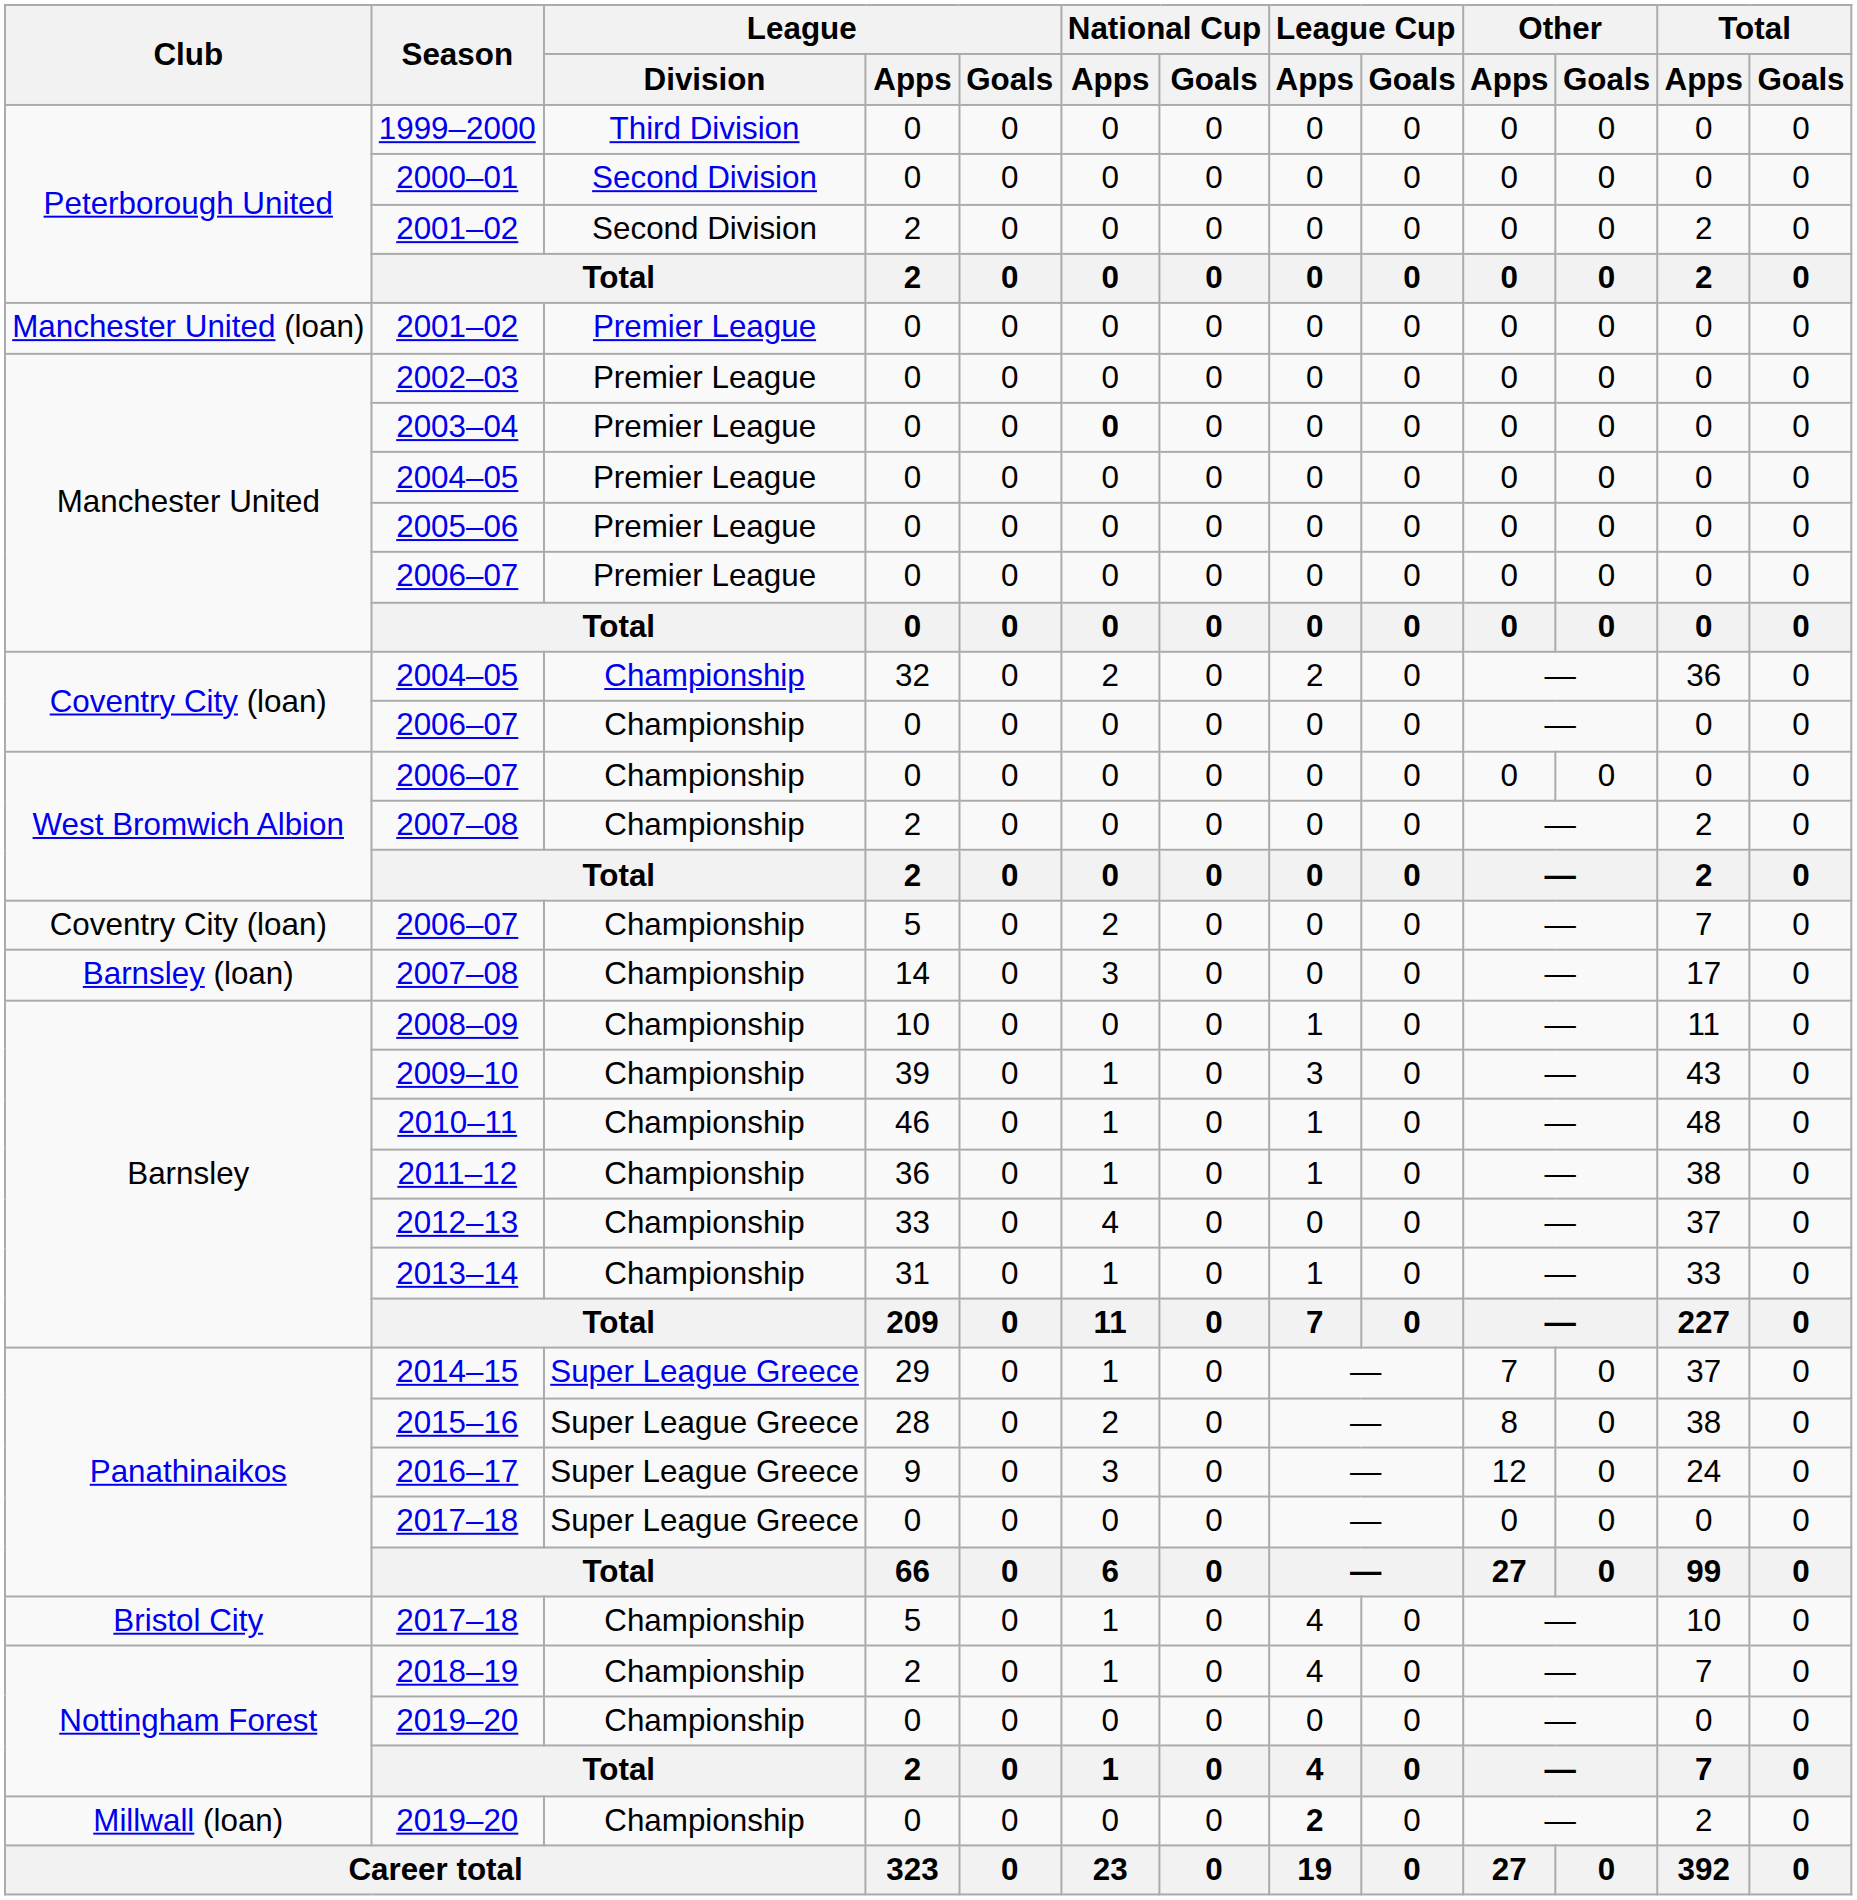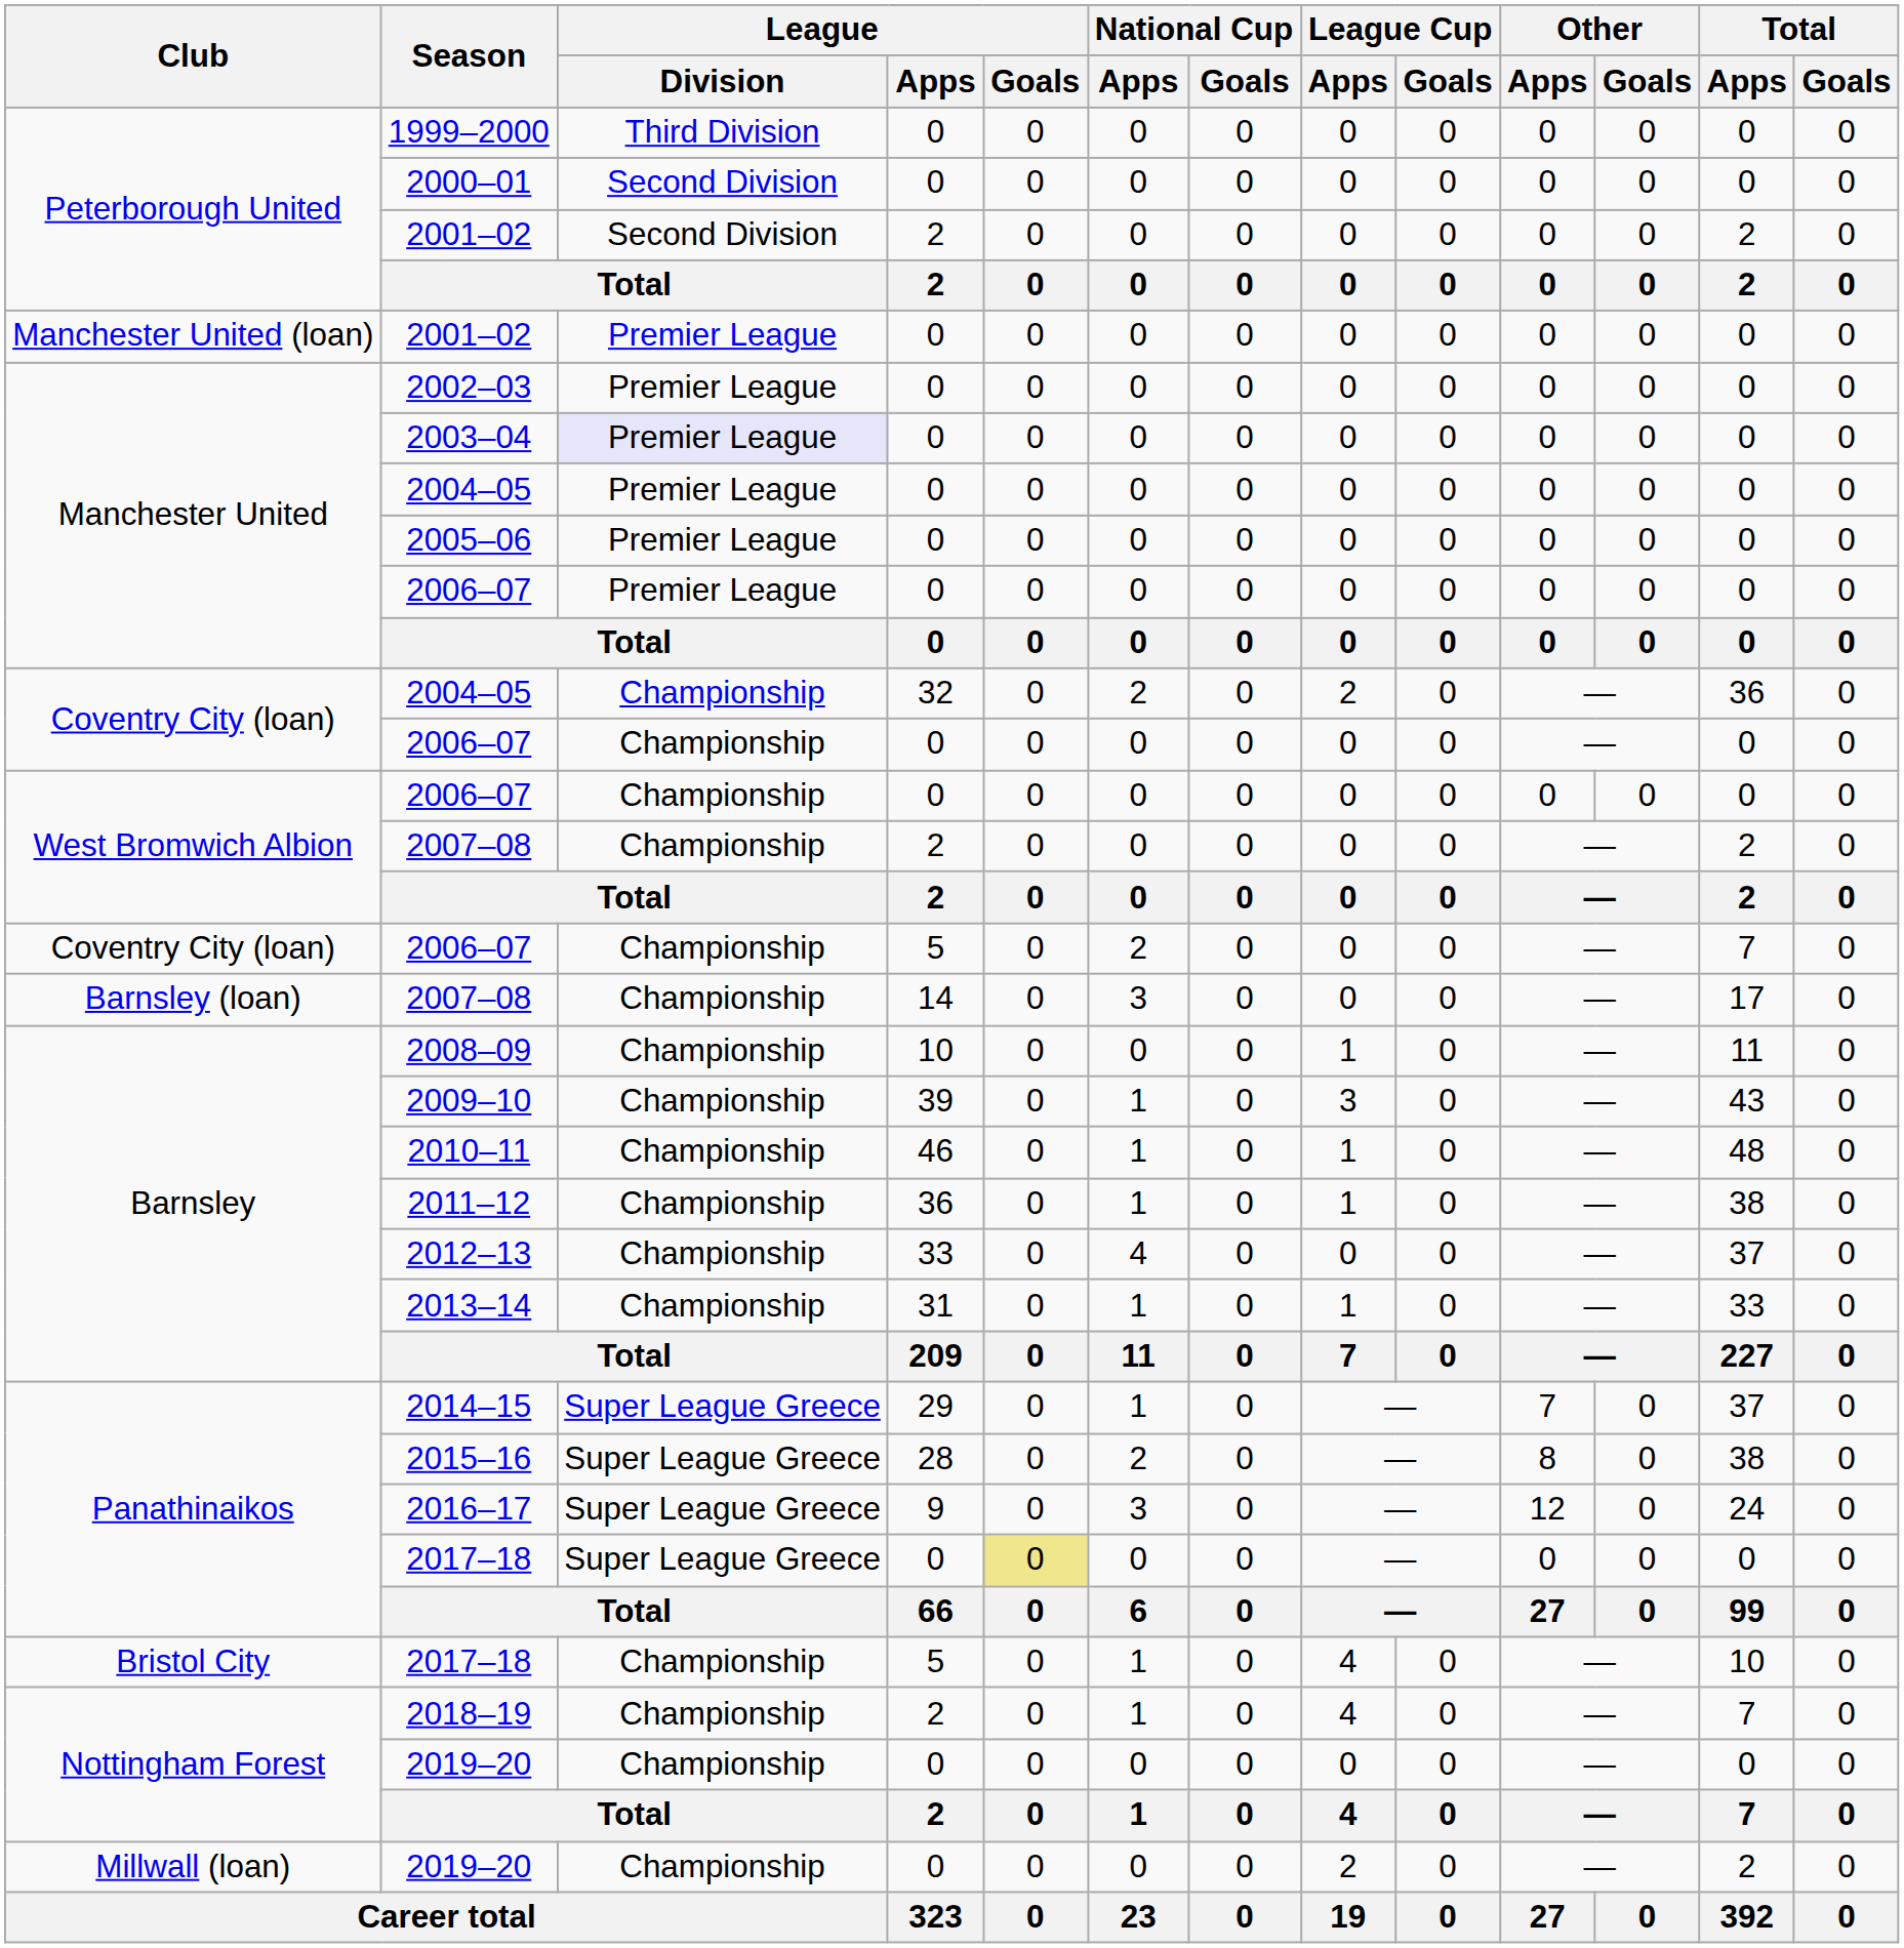 <table class=wikitable style="text-align: center">
 <tr>
 <th rowspan=2>Club</th>
 <th rowspan=2>Season</th>
 <th colspan=3>League</th>
 <th colspan=2>National Cup</th>
 <th colspan=2>League Cup</th>
 <th colspan=2>Other</th>
 <th colspan=2>Total</th>
 </tr>
 <tr>
 <th>Division</th>
 <th>Apps</th>
 <th>Goals</th>
 <th>Apps</th>
 <th>Goals</th>
 <th>Apps</th>
 <th>Goals</th>
 <th>Apps</th>
 <th>Goals</th>
 <th>Apps</th>
 <th>Goals</th>
 </tr>
 <tr>
 <td rowspan=4><a href='#'>Peterborough United</a></td>
 <td><a href='#'>1999–2000</a></td>
 <td><a href='#'>Third Division</a></td>
 <td>0</td>
 <td>0</td>
 <td>0</td>
 <td>0</td>
 <td>0</td>
 <td>0</td>
 <td>0</td>
 <td>0</td>
 <td>0</td>
 <td>0</td>
 </tr>
 <tr>
 <td><a href='#'>2000–01</a></td>
 <td><a href='#'>Second Division</a></td>
 <td>0</td>
 <td>0</td>
 <td>0</td>
 <td>0</td>
 <td>0</td>
 <td>0</td>
 <td>0</td>
 <td>0</td>
 <td>0</td>
 <td>0</td>
 </tr>
 <tr>
 <td><a href='#'>2001–02</a></td>
 <td>Second Division</td>
 <td>2</td>
 <td>0</td>
 <td>0</td>
 <td>0</td>
 <td>0</td>
 <td>0</td>
 <td>0</td>
 <td>0</td>
 <td>2</td>
 <td>0</td>
 </tr>
 <tr>
 <th colspan=2>Total</th>
 <th>2</th>
 <th>0</th>
 <th>0</th>
 <th>0</th>
 <th>0</th>
 <th>0</th>
 <th>0</th>
 <th>0</th>
 <th>2</th>
 <th>0</th>
 </tr>
 <tr>
 <td><a href='#'>Manchester United</a> (loan)</td>
 <td><a href='#'>2001–02</a></td>
 <td><a href='#'>Premier League</a></td>
 <td>0</td>
 <td>0</td>
 <td>0</td>
 <td>0</td>
 <td>0</td>
 <td>0</td>
 <td>0</td>
 <td>0</td>
 <td>0</td>
 <td>0</td>
 </tr>
 <tr>
 <td rowspan=6>Manchester United</td>
 <td><a href='#'>2002–03</a></td>
 <td>Premier League</td>
 <td>0</td>
 <td>0</td>
 <td>0</td>
 <td>0</td>
 <td>0</td>
 <td>0</td>
 <td>0</td>
 <td>0</td>
 <td>0</td>
 <td>0</td>
 </tr>
 <tr>
 <td><a href='#'>2003–04</a></td>
-<td>Premier League</td>
+<td style="background: lavender;">Premier League</td>
 <td>0</td>
 <td>0</td>
-<td><strong>0</strong></td>
+<td>0</td>
 <td>0</td>
 <td>0</td>
 <td>0</td>
 <td>0</td>
 <td>0</td>
 <td>0</td>
 <td>0</td>
 </tr>
 <tr>
 <td><a href='#'>2004–05</a></td>
 <td>Premier League</td>
 <td>0</td>
 <td>0</td>
 <td>0</td>
 <td>0</td>
 <td>0</td>
 <td>0</td>
 <td>0</td>
 <td>0</td>
 <td>0</td>
 <td>0</td>
 </tr>
 <tr>
 <td><a href='#'>2005–06</a></td>
 <td>Premier League</td>
 <td>0</td>
 <td>0</td>
 <td>0</td>
 <td>0</td>
 <td>0</td>
 <td>0</td>
 <td>0</td>
 <td>0</td>
 <td>0</td>
 <td>0</td>
 </tr>
 <tr>
 <td><a href='#'>2006–07</a></td>
 <td>Premier League</td>
 <td>0</td>
 <td>0</td>
 <td>0</td>
 <td>0</td>
 <td>0</td>
 <td>0</td>
 <td>0</td>
 <td>0</td>
 <td>0</td>
 <td>0</td>
 </tr>
 <tr>
 <th colspan=2>Total</th>
 <th>0</th>
 <th>0</th>
 <th>0</th>
 <th>0</th>
 <th>0</th>
 <th>0</th>
 <th>0</th>
 <th>0</th>
 <th>0</th>
 <th>0</th>
 </tr>
 <tr>
 <td rowspan=2><a href='#'>Coventry City</a> (loan)</td>
 <td><a href='#'>2004–05</a></td>
 <td><a href='#'>Championship</a></td>
 <td>32</td>
 <td>0</td>
 <td>2</td>
 <td>0</td>
 <td>2</td>
 <td>0</td>
 <td colspan=2>—</td>
 <td>36</td>
 <td>0</td>
 </tr>
 <tr>
 <td><a href='#'>2006–07</a></td>
 <td>Championship</td>
 <td>0</td>
 <td>0</td>
 <td>0</td>
 <td>0</td>
 <td>0</td>
 <td>0</td>
 <td colspan=2>—</td>
 <td>0</td>
 <td>0</td>
 </tr>
 <tr>
 <td rowspan=3><a href='#'>West Bromwich Albion</a></td>
 <td><a href='#'>2006–07</a></td>
 <td>Championship</td>
 <td>0</td>
 <td>0</td>
 <td>0</td>
 <td>0</td>
 <td>0</td>
 <td>0</td>
 <td>0</td>
 <td>0</td>
 <td>0</td>
 <td>0</td>
 </tr>
 <tr>
 <td><a href='#'>2007–08</a></td>
 <td>Championship</td>
 <td>2</td>
 <td>0</td>
 <td>0</td>
 <td>0</td>
 <td>0</td>
 <td>0</td>
 <td colspan=2>—</td>
 <td>2</td>
 <td>0</td>
 </tr>
 <tr>
 <th colspan=2>Total</th>
 <th>2</th>
 <th>0</th>
 <th>0</th>
 <th>0</th>
 <th>0</th>
 <th>0</th>
 <th colspan=2>—</th>
 <th>2</th>
 <th>0</th>
 </tr>
 <tr>
 <td>Coventry City (loan)</td>
 <td><a href='#'>2006–07</a></td>
 <td>Championship</td>
 <td>5</td>
 <td>0</td>
 <td>2</td>
 <td>0</td>
 <td>0</td>
 <td>0</td>
 <td colspan=2>—</td>
 <td>7</td>
 <td>0</td>
 </tr>
 <tr>
 <td><a href='#'>Barnsley</a> (loan)</td>
 <td><a href='#'>2007–08</a></td>
 <td>Championship</td>
 <td>14</td>
 <td>0</td>
 <td>3</td>
 <td>0</td>
 <td>0</td>
 <td>0</td>
 <td colspan=2>—</td>
 <td>17</td>
 <td>0</td>
 </tr>
 <tr>
 <td rowspan=7>Barnsley</td>
 <td><a href='#'>2008–09</a></td>
 <td>Championship</td>
 <td>10</td>
 <td>0</td>
 <td>0</td>
 <td>0</td>
 <td>1</td>
 <td>0</td>
 <td colspan=2>—</td>
 <td>11</td>
 <td>0</td>
 </tr>
 <tr>
 <td><a href='#'>2009–10</a></td>
 <td>Championship</td>
 <td>39</td>
 <td>0</td>
 <td>1</td>
 <td>0</td>
 <td>3</td>
 <td>0</td>
 <td colspan=2>—</td>
 <td>43</td>
 <td>0</td>
 </tr>
 <tr>
 <td><a href='#'>2010–11</a></td>
 <td>Championship</td>
 <td>46</td>
 <td>0</td>
 <td>1</td>
 <td>0</td>
 <td>1</td>
 <td>0</td>
 <td colspan=2>—</td>
 <td>48</td>
 <td>0</td>
 </tr>
 <tr>
 <td><a href='#'>2011–12</a></td>
 <td>Championship</td>
 <td>36</td>
 <td>0</td>
 <td>1</td>
 <td>0</td>
 <td>1</td>
 <td>0</td>
 <td colspan=2>—</td>
 <td>38</td>
 <td>0</td>
 </tr>
 <tr>
 <td><a href='#'>2012–13</a></td>
 <td>Championship</td>
 <td>33</td>
 <td>0</td>
 <td>4</td>
 <td>0</td>
 <td>0</td>
 <td>0</td>
 <td colspan=2>—</td>
 <td>37</td>
 <td>0</td>
 </tr>
 <tr>
 <td><a href='#'>2013–14</a></td>
 <td>Championship</td>
 <td>31</td>
 <td>0</td>
 <td>1</td>
 <td>0</td>
 <td>1</td>
 <td>0</td>
 <td colspan=2>—</td>
 <td>33</td>
 <td>0</td>
 </tr>
 <tr>
 <th colspan=2>Total</th>
 <th>209</th>
 <th>0</th>
 <th>11</th>
 <th>0</th>
 <th>7</th>
 <th>0</th>
 <th colspan=2>—</th>
 <th>227</th>
 <th>0</th>
 </tr>
 <tr>
 <td rowspan=5><a href='#'>Panathinaikos</a></td>
 <td><a href='#'>2014–15</a></td>
 <td><a href='#'>Super League Greece</a></td>
 <td>29</td>
 <td>0</td>
 <td>1</td>
 <td>0</td>
 <td colspan=2>—</td>
 <td>7</td>
 <td>0</td>
 <td>37</td>
 <td>0</td>
 </tr>
 <tr>
 <td><a href='#'>2015–16</a></td>
 <td>Super League Greece</td>
 <td>28</td>
 <td>0</td>
 <td>2</td>
 <td>0</td>
 <td colspan=2>—</td>
 <td>8</td>
 <td>0</td>
 <td>38</td>
 <td>0</td>
 </tr>
 <tr>
 <td><a href='#'>2016–17</a></td>
 <td>Super League Greece</td>
 <td>9</td>
 <td>0</td>
 <td>3</td>
 <td>0</td>
 <td colspan=2>—</td>
 <td>12</td>
 <td>0</td>
 <td>24</td>
 <td>0</td>
 </tr>
 <tr>
 <td><a href='#'>2017–18</a></td>
 <td>Super League Greece</td>
 <td>0</td>
-<td>0</td>
+<td style="background: khaki;">0</td>
 <td>0</td>
 <td>0</td>
 <td colspan=2>—</td>
 <td>0</td>
 <td>0</td>
 <td>0</td>
 <td>0</td>
 </tr>
 <tr>
 <th colspan=2>Total</th>
 <th>66</th>
 <th>0</th>
 <th>6</th>
 <th>0</th>
 <th colspan=2>—</th>
 <th>27</th>
 <th>0</th>
 <th>99</th>
 <th>0</th>
 </tr>
 <tr>
 <td><a href='#'>Bristol City</a></td>
 <td><a href='#'>2017–18</a></td>
 <td>Championship</td>
 <td>5</td>
 <td>0</td>
 <td>1</td>
 <td>0</td>
 <td>4</td>
 <td>0</td>
 <td colspan=2>—</td>
 <td>10</td>
 <td>0</td>
 </tr>
 <tr>
 <td rowspan=3><a href='#'>Nottingham Forest</a></td>
 <td><a href='#'>2018–19</a></td>
 <td>Championship</td>
 <td>2</td>
 <td>0</td>
 <td>1</td>
 <td>0</td>
 <td>4</td>
 <td>0</td>
 <td colspan=2>—</td>
 <td>7</td>
 <td>0</td>
 </tr>
 <tr>
 <td><a href='#'>2019–20</a></td>
 <td>Championship</td>
 <td>0</td>
 <td>0</td>
 <td>0</td>
 <td>0</td>
 <td>0</td>
 <td>0</td>
 <td colspan=2>—</td>
 <td>0</td>
 <td>0</td>
 </tr>
 <tr>
 <th colspan=2>Total</th>
 <th>2</th>
 <th>0</th>
 <th>1</th>
 <th>0</th>
 <th>4</th>
 <th>0</th>
 <th colspan=2>—</th>
 <th>7</th>
 <th>0</th>
 </tr>
 <tr>
 <td><a href='#'>Millwall</a> (loan)</td>
 <td><a href='#'>2019–20</a></td>
 <td>Championship</td>
 <td>0</td>
 <td>0</td>
 <td>0</td>
 <td>0</td>
-<td><strong>2</strong></td>
+<td>2</td>
 <td>0</td>
 <td colspan=2>—</td>
 <td>2</td>
 <td>0</td>
 </tr>
 <tr>
 <th colspan=3>Career total</th>
 <th>323</th>
 <th>0</th>
 <th>23</th>
 <th>0</th>
 <th>19</th>
 <th>0</th>
 <th>27</th>
 <th>0</th>
 <th>392</th>
 <th>0</th>
 </tr>
 </table>
